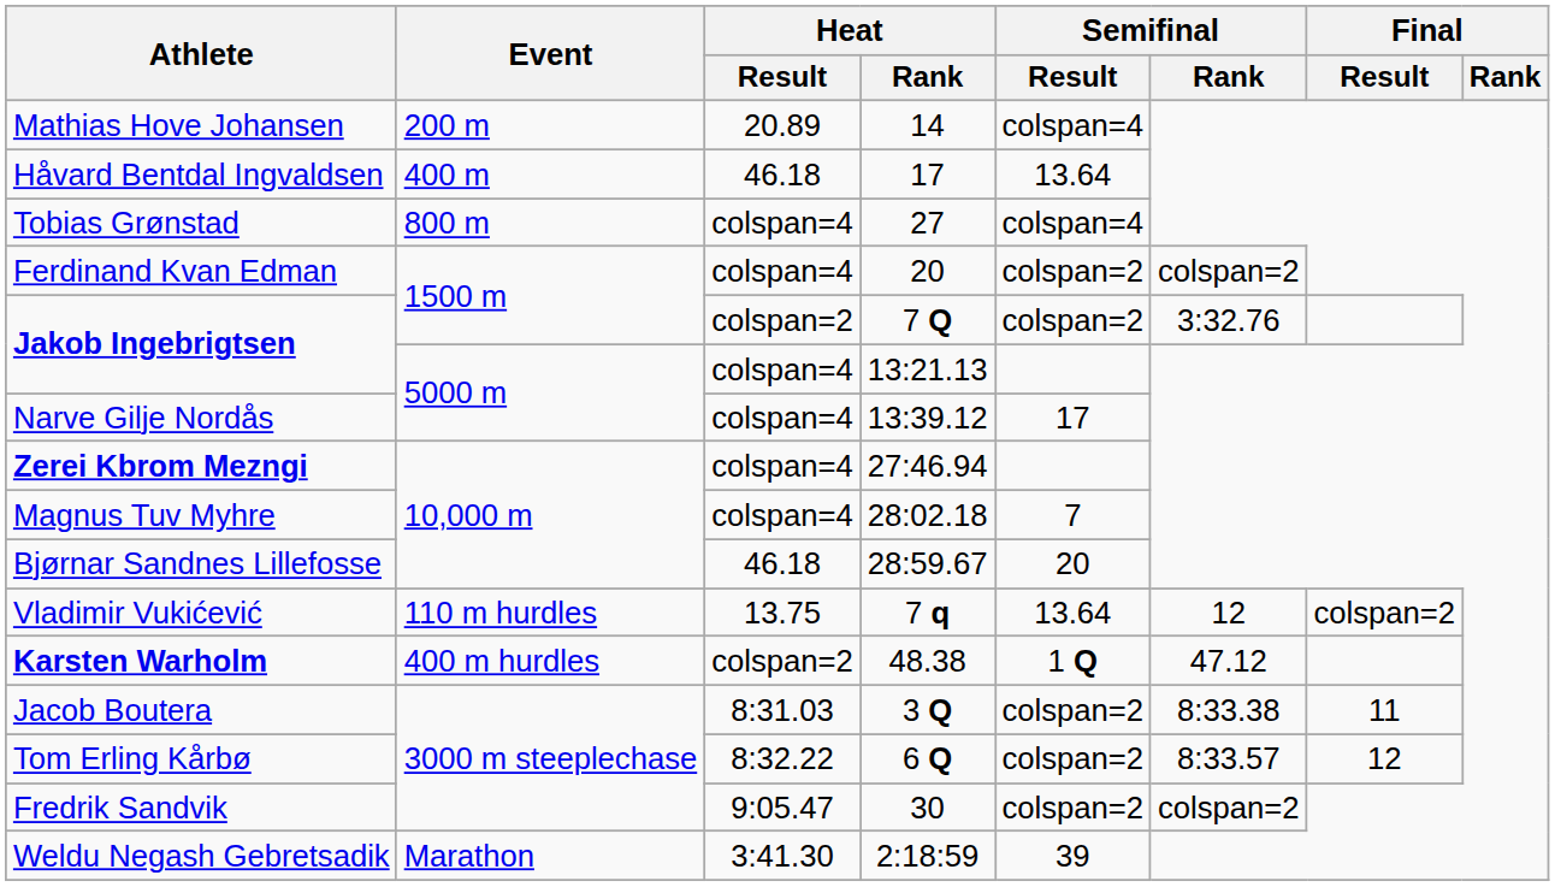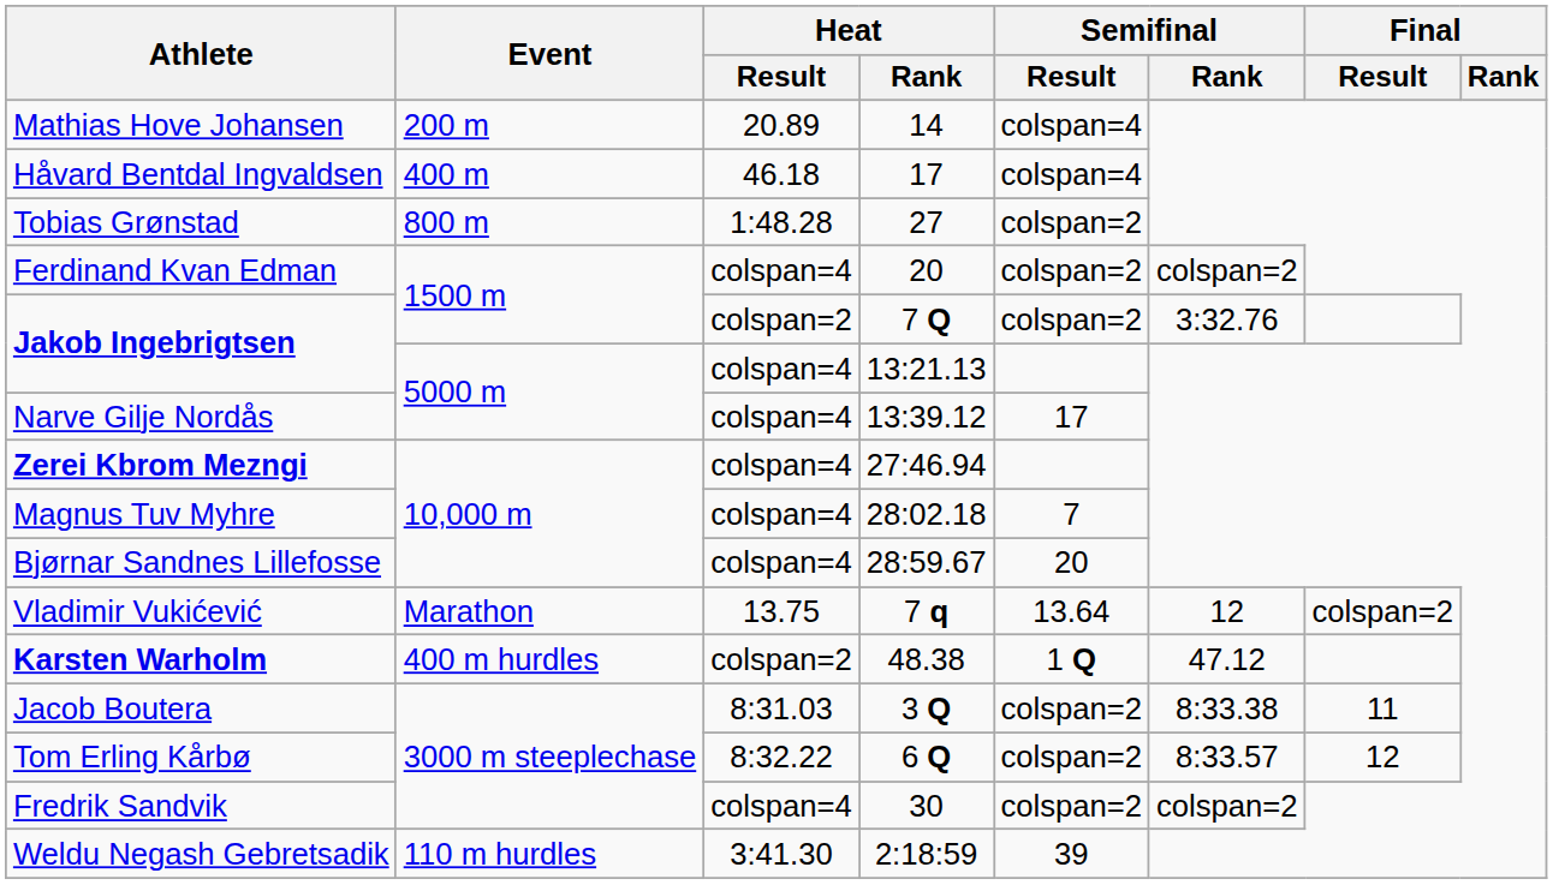 <table class="wikitable" style="font-size:90%">
 <tr>
 <th rowspan="2">Athlete</th>
 <th rowspan="2">Event</th>
 <th colspan="2">Heat</th>
 <th colspan="2">Semifinal</th>
 <th colspan="2">Final</th>
 </tr>
 <tr style="font-size:95%">
 <th>Result</th>
 <th>Rank</th>
 <th>Result</th>
 <th>Rank</th>
 <th>Result</th>
 <th>Rank</th>
 </tr>
 <tr align=center>
 <td align=left><a href='#'>Mathias Hove Johansen</a></td>
 <td align=left><a href='#'>200 m</a></td>
 <td>20.89</td>
 <td>14</td>
 <td>colspan=4 </td>
 </tr>
 <tr align=center>
 <td align=left><a href='#'>Håvard Bentdal Ingvaldsen</a></td>
 <td align=left><a href='#'>400 m</a></td>
 <td>46.18 </td>
 <td>17</td>
-<td>13.64</td>
+<td>colspan=4 </td>
 </tr>
 <tr align=center>
 <td align=left><a href='#'>Tobias Grønstad</a></td>
 <td align=left><a href='#'>800 m</a></td>
-<td>colspan=4 </td>
+<td>1:48.28</td>
 <td>27</td>
-<td>colspan=4 </td>
+<td>colspan=2 </td>
 </tr>
 <tr align=center>
 <td align=left><a href='#'>Ferdinand Kvan Edman</a></td>
 <td align=left rowspan=2><a href='#'>1500 m</a></td>
 <td>colspan=4 </td>
 <td>20</td>
 <td>colspan=2 </td>
 <td>colspan=2 </td>
 </tr>
 <tr align=center>
 <td align=left rowspan=2><strong><a href='#'>Jakob Ingebrigtsen</a></strong></td>
 <td>colspan=2 </td>
 <td>7 <strong>Q</strong></td>
 <td>colspan=2 </td>
 <td>3:32.76 </td>
 <td></td>
 </tr>
 <tr align=center>
 <td align=left rowspan=2><a href='#'>5000 m</a></td>
 <td>colspan=4 </td>
 <td>13:21.13</td>
 <td></td>
 </tr>
 <tr align=center>
 <td align=left><a href='#'>Narve Gilje Nordås</a></td>
 <td>colspan=4 </td>
 <td>13:39.12</td>
 <td>17</td>
 </tr>
 <tr align=center>
 <td align=left><strong><a href='#'>Zerei Kbrom Mezngi</a></strong></td>
 <td align=left rowspan=3><a href='#'>10,000 m</a></td>
 <td>colspan=4 </td>
 <td>27:46.94 </td>
 <td></td>
 </tr>
 <tr align=center>
 <td align=left><a href='#'>Magnus Tuv Myhre</a></td>
 <td>colspan=4 </td>
 <td>28:02.18 </td>
 <td>7</td>
 </tr>
 <tr align=center>
 <td align=left><a href='#'>Bjørnar Sandnes Lillefosse</a></td>
-<td>46.18 </td>
+<td>colspan=4 </td>
 <td>28:59.67</td>
 <td>20</td>
 </tr>
 <tr align=center>
 <td align=left><a href='#'>Vladimir Vukićević</a></td>
-<td align=left><a href='#'>110 m hurdles</a></td>
+<td align=left><a href='#'>Marathon</a></td>
 <td>13.75</td>
 <td>7 <strong>q</strong></td>
 <td>13.64</td>
 <td>12</td>
 <td>colspan=2 </td>
 </tr>
 <tr align=center>
 <td align=left><strong><a href='#'>Karsten Warholm</a></strong></td>
 <td align=left><a href='#'>400 m hurdles</a></td>
 <td>colspan=2 </td>
 <td>48.38</td>
 <td>1 <strong>Q</strong></td>
 <td>47.12 </td>
 <td></td>
 </tr>
 <tr align=center>
 <td align=left><a href='#'>Jacob Boutera</a></td>
 <td align=left rowspan=3><a href='#'>3000 m steeplechase</a></td>
 <td>8:31.03</td>
 <td>3 <strong>Q</strong></td>
 <td>colspan=2 </td>
 <td>8:33.38</td>
 <td>11</td>
 </tr>
 <tr align=center>
 <td align=left><a href='#'>Tom Erling Kårbø</a></td>
 <td>8:32.22</td>
 <td>6 <strong>Q</strong></td>
 <td>colspan=2 </td>
 <td>8:33.57</td>
 <td>12</td>
 </tr>
 <tr align=center>
 <td align=left><a href='#'>Fredrik Sandvik</a></td>
-<td>9:05.47</td>
+<td>colspan=4 </td>
 <td>30</td>
 <td>colspan=2 </td>
 <td>colspan=2 </td>
 </tr>
 <tr align=center>
 <td align=left><a href='#'>Weldu Negash Gebretsadik</a></td>
-<td align=left><a href='#'>Marathon</a></td>
+<td align=left><a href='#'>110 m hurdles</a></td>
 <td>3:41.30</td>
 <td>2:18:59</td>
 <td>39</td>
 </tr>
 </table>
